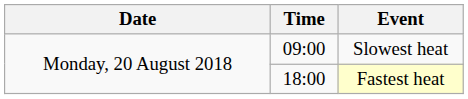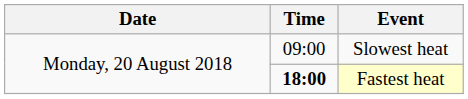 <table class = "wikitable" style="text-align:center;">
 <tr>
 <th width=220>Date</th>
 <th width=50>Time</th>
 <th width=100>Event</th>
 </tr>
 <tr>
 <td rowspan=2>Monday, 20 August 2018</td>
 <td>09:00</td>
 <td>Slowest heat</td>
 </tr>
 <tr>
-<td>18:00</td>
+<td><strong>18:00</strong></td>
 <td bgcolor=ffffcc>Fastest heat</td>
 </tr>
 </table>
